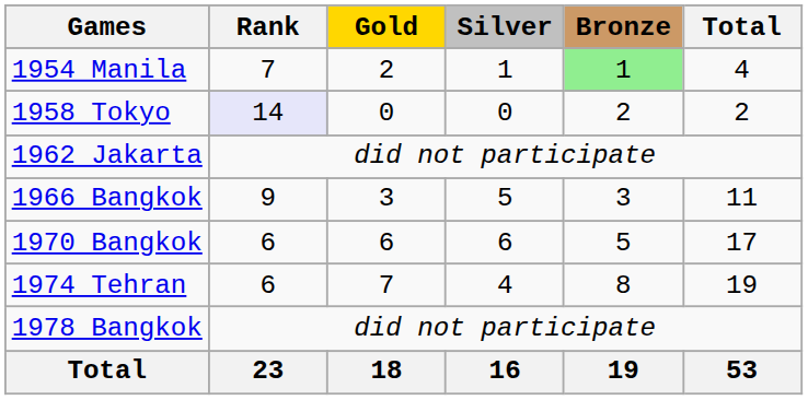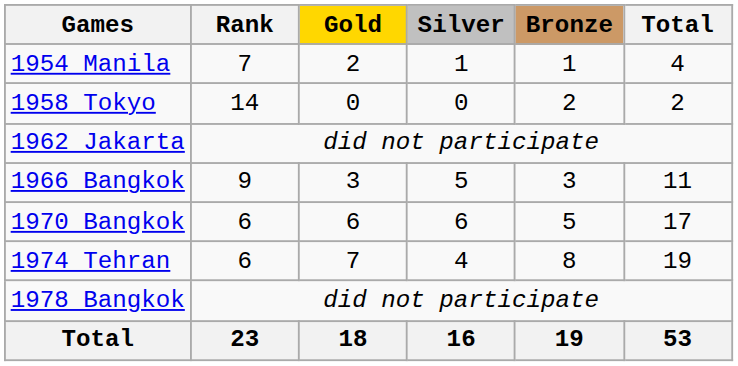 <table class="wikitable sortable" style="margin-top:0em; text-align:center; font-size:100%;">
 <tr>
 <th>Games</th>
 <th style="width:4em;">Rank</th>
 <th style="background:gold; width:4em;"><strong>Gold</strong></th>
 <th style="background:silver; width:4em;"><strong>Silver</strong></th>
 <th style="background:#cc9966; width:4em;"><strong>Bronze</strong></th>
 <th style="width:4em;">Total</th>
 </tr>
 <tr>
 <td align=left><a href='#'>1954 Manila</a></td>
 <td>7</td>
 <td>2</td>
 <td>1</td>
-<td style="background: lightgreen;">1</td>
+<td>1</td>
 <td>4</td>
 </tr>
 <tr>
 <td align=left><a href='#'>1958 Tokyo</a></td>
-<td style="background: lavender;">14</td>
+<td>14</td>
 <td>0</td>
 <td>0</td>
 <td>2</td>
 <td>2</td>
 </tr>
 <tr>
 <td align=left><a href='#'>1962 Jakarta</a></td>
 <td colspan=5><em>did not participate</em></td>
 </tr>
 <tr>
 <td align=left><a href='#'>1966 Bangkok</a></td>
 <td>9</td>
 <td>3</td>
 <td>5</td>
 <td>3</td>
 <td>11</td>
 </tr>
 <tr>
 <td align=left><a href='#'>1970 Bangkok</a></td>
 <td>6</td>
 <td>6</td>
 <td>6</td>
 <td>5</td>
 <td>17</td>
 </tr>
 <tr>
 <td align=left><a href='#'>1974 Tehran</a></td>
 <td>6</td>
 <td>7</td>
 <td>4</td>
 <td>8</td>
 <td>19</td>
 </tr>
 <tr>
 <td align=left><a href='#'>1978 Bangkok</a></td>
 <td colspan=5><em>did not participate</em></td>
 </tr>
 <tr>
 <th>Total</th>
 <th>23</th>
 <th>18</th>
 <th>16</th>
 <th>19</th>
 <th>53</th>
 </tr>
 </table>
